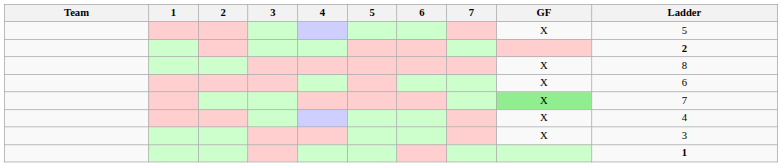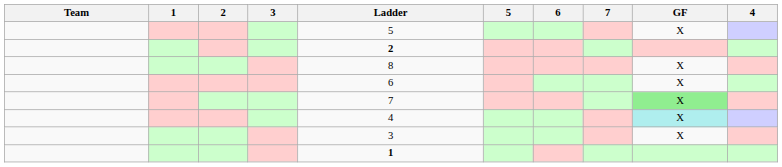 <table class="wikitable sortable" style="font-size:85%; text-align:center; width:50%">
 <tr valign="top">
 <th valign="middle">Team</th>
 <th>1</th>
 <th>2</th>
 <th>3</th>
-<th>4</th>
+<th valign="middle">Ladder</th>
 <th>5</th>
 <th>6</th>
 <th>7</th>
 <th>GF</th>
-<th valign="middle">Ladder</th>
+<th>4</th>
 </tr>
 <tr>
 <td align="left"></td>
 <td style="background:#FFCFCF;"></td>
 <td style="background:#FFCFCF;"></td>
 <td style="background:#cfc;"></td>
-<td style="background:#CFCFFF;"></td>
+<td>5</td>
 <td style="background:#cfc;"></td>
 <td style="background:#cfc;"></td>
 <td style="background:#FFCFCF;"></td>
 <td>X</td>
-<td>5</td>
+<td style="background:#CFCFFF;"></td>
 </tr>
 <tr>
 <td align="left"></td>
 <td style="background:#cfc;"></td>
 <td style="background:#FFCFCF;"></td>
 <td style="background:#cfc;"></td>
-<td style="background:#cfc;"></td>
+<td><strong>2</strong></td>
 <td style="background:#FFCFCF;"></td>
 <td style="background:#FFCFCF;"></td>
 <td style="background:#cfc;"></td>
 <td style="background:#FFCFCF;"></td>
-<td><strong>2</strong></td>
+<td style="background:#cfc;"></td>
 </tr>
 <tr>
 <td align="left"></td>
 <td style="background:#cfc;"></td>
 <td style="background:#cfc;"></td>
 <td style="background:#FFCFCF;"></td>
-<td style="background:#FFCFCF;"></td>
+<td>8</td>
 <td style="background:#FFCFCF;"></td>
 <td style="background:#FFCFCF;"></td>
 <td style="background:#FFCFCF;"></td>
 <td>X</td>
-<td>8</td>
+<td style="background:#FFCFCF;"></td>
 </tr>
 <tr>
 <td align="left"></td>
 <td style="background:#FFCFCF;"></td>
 <td style="background:#FFCFCF;"></td>
 <td style="background:#FFCFCF;"></td>
-<td style="background:#cfc;"></td>
+<td>6</td>
 <td style="background:#FFCFCF;"></td>
 <td style="background:#cfc;"></td>
 <td style="background:#cfc;"></td>
 <td>X</td>
-<td>6</td>
+<td style="background:#cfc;"></td>
 </tr>
 <tr>
 <td align="left"></td>
 <td style="background:#FFCFCF;"></td>
 <td style="background:#cfc;"></td>
 <td style="background:#cfc;"></td>
-<td style="background:#FFCFCF;"></td>
+<td>7</td>
 <td style="background:#FFCFCF;"></td>
 <td style="background:#FFCFCF;"></td>
 <td style="background:#cfc"></td>
 <td style="background: lightgreen;">X</td>
-<td>7</td>
+<td style="background:#FFCFCF;"></td>
 </tr>
 <tr>
 <td align="left"></td>
 <td style="background:#FFCFCF;"></td>
 <td style="background:#FFCFCF;"></td>
 <td style="background:#cfc;"></td>
-<td style="background:#CFCFFF;"></td>
+<td>4</td>
 <td style="background:#cfc;"></td>
 <td style="background:#cfc;"></td>
 <td style="background:#FFCFCF;"></td>
-<td>X</td>
-<td>4</td>
+<td style="background: paleturquoise;">X</td>
+<td style="background:#CFCFFF;"></td>
 </tr>
 <tr>
 <td align="left"></td>
 <td style="background:#cfc;"></td>
 <td style="background:#cfc;"></td>
 <td style="background:#FFCFCF;"></td>
-<td style="background:#FFCFCF;"></td>
+<td>3</td>
 <td style="background:#cfc;"></td>
 <td style="background:#cfc;"></td>
 <td style="background:#FFCFCF;"></td>
 <td>X</td>
-<td>3</td>
+<td style="background:#FFCFCF;"></td>
 </tr>
 <tr>
 <td align="left"></td>
 <td style="background:#cfc;"></td>
 <td style="background:#cfc;"></td>
 <td style="background:#FFCFCF;"></td>
-<td style="background:#cfc;"></td>
+<td><strong>1</strong></td>
 <td style="background:#cfc"></td>
 <td style="background:#FFCFCF;"></td>
 <td style="background:#cfc;"></td>
 <td style="background:#cfc;"></td>
-<td><strong>1</strong></td>
+<td style="background:#cfc;"></td>
 </tr>
 </table>
